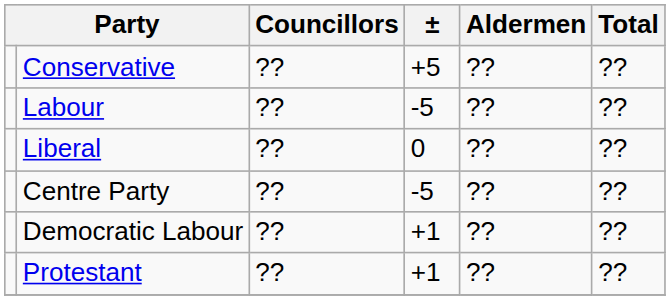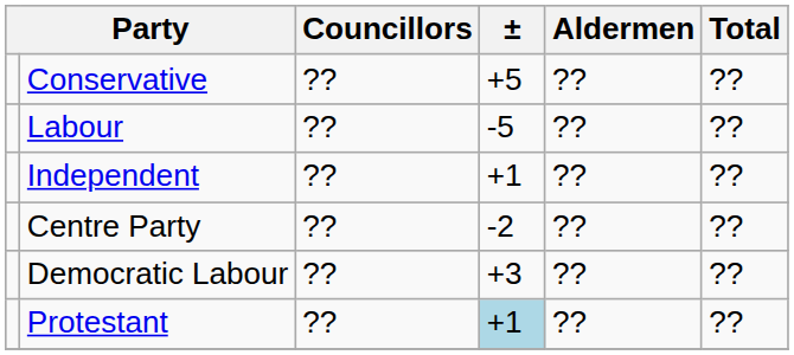 <table class="wikitable">
 <tr>
 <th colspan="2">Party</th>
 <th>Councillors</th>
 <th>  ±  </th>
 <th>Aldermen</th>
 <th>Total</th>
 </tr>
 <tr>
 <td style="background-color: "></td>
 <td><a href='#'>Conservative</a></td>
 <td>??</td>
 <td>+5</td>
 <td>??</td>
 <td>??</td>
 </tr>
 <tr>
 <td style="background-color: "></td>
 <td><a href='#'>Labour</a></td>
 <td>??</td>
 <td>-5</td>
 <td>??</td>
 <td>??</td>
 </tr>
 <tr>
 <td style="background-color: "></td>
-<td><a href='#'>Liberal</a></td>
+<td><a href='#'>Independent</a></td>
 <td>??</td>
-<td>0</td>
+<td>+1</td>
 <td>??</td>
 <td>??</td>
 </tr>
 <tr>
 <td style="background-color: "></td>
 <td>Centre Party</td>
 <td>??</td>
-<td>-5</td>
+<td>-2</td>
 <td>??</td>
 <td>??</td>
 </tr>
 <tr>
 <td style="background-color: "></td>
 <td>Democratic Labour</td>
 <td>??</td>
-<td>+1</td>
+<td>+3</td>
 <td>??</td>
 <td>??</td>
 </tr>
 <tr>
 <td style="background-color: "></td>
 <td><a href='#'>Protestant</a></td>
 <td>??</td>
-<td>+1</td>
+<td style="background: lightblue;">+1</td>
 <td>??</td>
 <td>??</td>
 </tr>
 <tr>
 </tr>
 </table>
